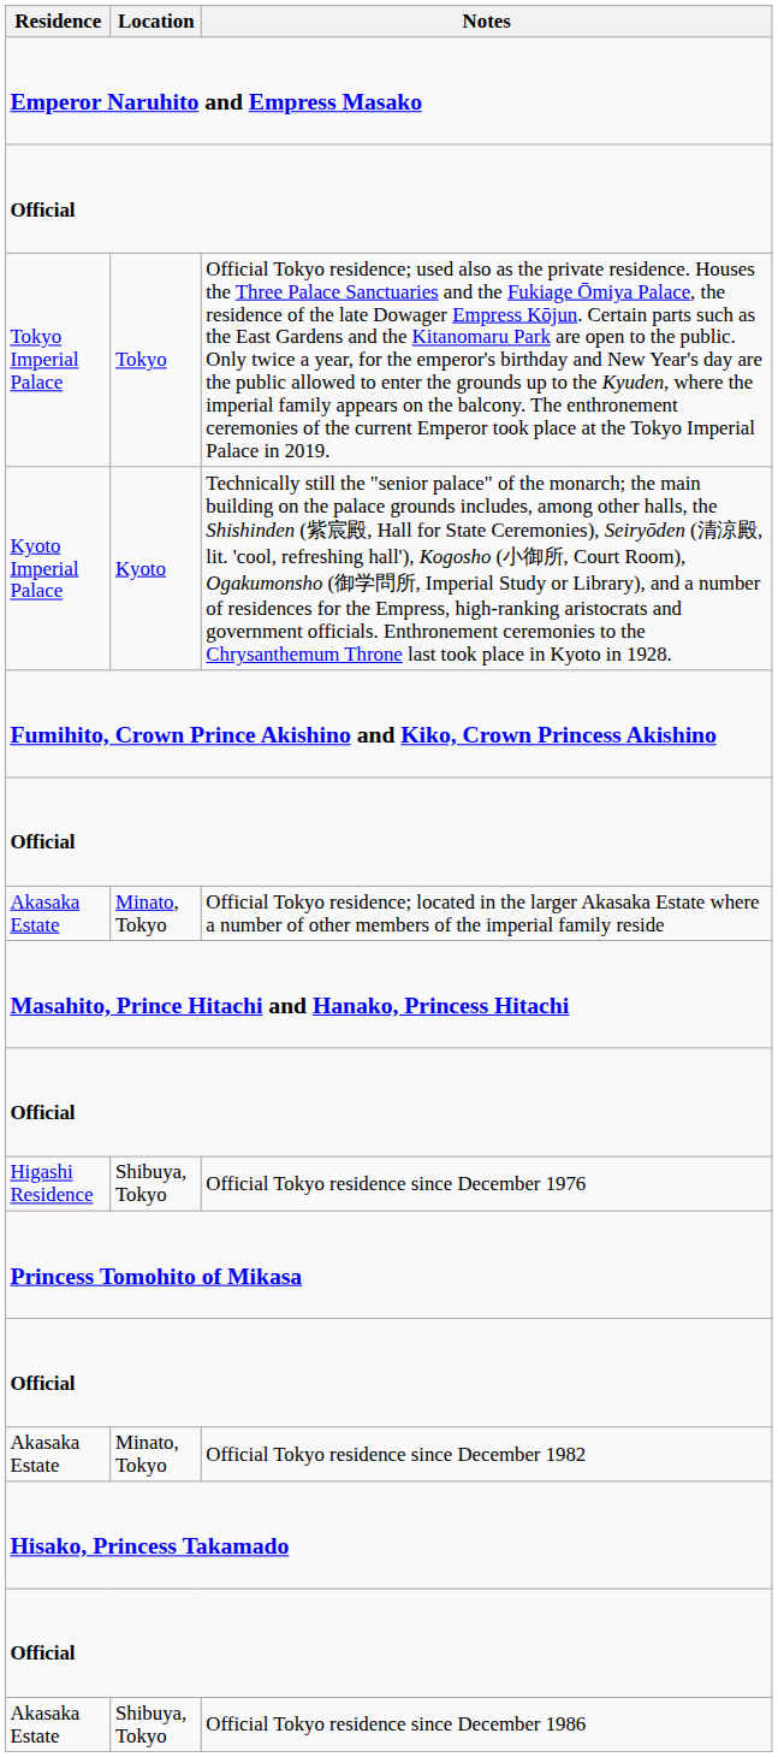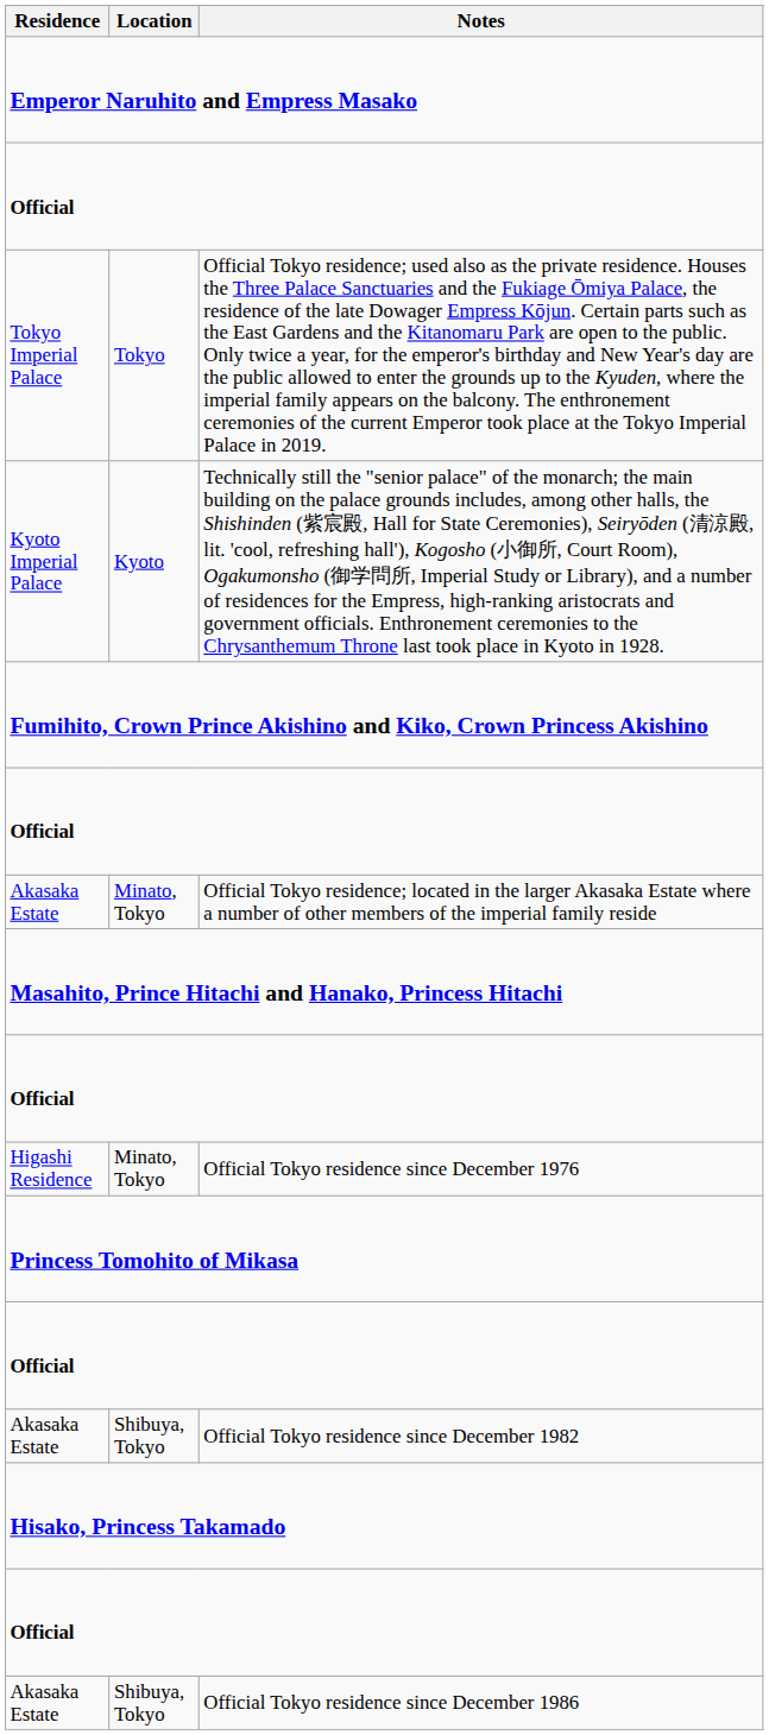 <table class="wikitable">
 <tr>
 <th>Residence</th>
 <th>Location</th>
 <th>Notes</th>
 </tr>
 <tr>
 <td colspan="3"><br><h3><a href='#'>Emperor Naruhito</a> and <a href='#'>Empress Masako</a></h3></td>
 </tr>
 <tr>
 <td colspan="3"><br><h4>Official</h4></td>
 </tr>
 <tr>
 <td><a href='#'>Tokyo Imperial Palace</a></td>
 <td><a href='#'>Tokyo</a></td>
 <td>Official Tokyo residence; used also as the private residence. Houses the <a href='#'>Three Palace Sanctuaries</a> and the <a href='#'>Fukiage Ōmiya Palace</a>, the residence of the late Dowager <a href='#'>Empress Kōjun</a>. Certain parts such as the East Gardens and the <a href='#'>Kitanomaru Park</a> are open to the public. Only twice a year, for the emperor's birthday and New Year's day are the public allowed to enter the grounds up to the <em>Kyuden</em>, where the imperial family appears on the balcony.  The enthronement ceremonies of the current Emperor took place at the Tokyo Imperial Palace in 2019.</td>
 </tr>
 <tr>
 <td><a href='#'>Kyoto Imperial Palace</a></td>
 <td><a href='#'>Kyoto</a></td>
 <td>Technically still the "senior palace" of the monarch; the main building on the palace grounds includes, among other halls, the <em>Shishinden</em> (紫宸殿, Hall for State Ceremonies), <em>Seiryōden</em> (清涼殿, lit. 'cool, refreshing hall'), <em>Kogosho</em> (小御所, Court Room), <em>Ogakumonsho</em> (御学問所, Imperial Study or Library), and a number of residences for the Empress, high-ranking aristocrats and government officials. Enthronement ceremonies to the <a href='#'>Chrysanthemum Throne</a> last took place in Kyoto in 1928.</td>
 </tr>
 <tr>
 <td colspan="3"><br><h3><a href='#'>Fumihito, Crown Prince Akishino</a> and <a href='#'>Kiko, Crown Princess Akishino</a></h3></td>
 </tr>
 <tr>
 <td colspan="3"><br><h4>Official</h4></td>
 </tr>
 <tr>
 <td><a href='#'>Akasaka Estate</a></td>
 <td><a href='#'>Minato</a>, Tokyo</td>
 <td>Official Tokyo residence; located in the larger Akasaka Estate where a number of other members of the imperial family reside</td>
 </tr>
 <tr>
 <td colspan="3"><br><h3><a href='#'>Masahito, Prince Hitachi</a> and <a href='#'>Hanako, Princess Hitachi</a></h3></td>
 </tr>
 <tr>
 <td colspan="3"><br><h4>Official</h4></td>
 </tr>
 <tr>
 <td><a href='#'>Higashi Residence</a></td>
-<td>Shibuya, Tokyo</td>
+<td>Minato, Tokyo</td>
 <td>Official Tokyo residence since December 1976</td>
 </tr>
 <tr>
 <td colspan="3"><br><h3><a href='#'>Princess Tomohito of Mikasa</a></h3></td>
 </tr>
 <tr>
 <td colspan="3"><br><h4>Official</h4></td>
 </tr>
 <tr>
 <td>Akasaka Estate</td>
-<td>Minato, Tokyo</td>
+<td>Shibuya, Tokyo</td>
 <td>Official Tokyo residence since December 1982</td>
 </tr>
 <tr>
 <td colspan="3"><br><h3><a href='#'>Hisako, Princess Takamado</a></h3></td>
 </tr>
 <tr>
 <td colspan="3"><br><h4>Official</h4></td>
 </tr>
 <tr>
 <td>Akasaka Estate</td>
 <td>Shibuya, Tokyo</td>
 <td>Official Tokyo residence since December 1986</td>
 </tr>
 </table>
